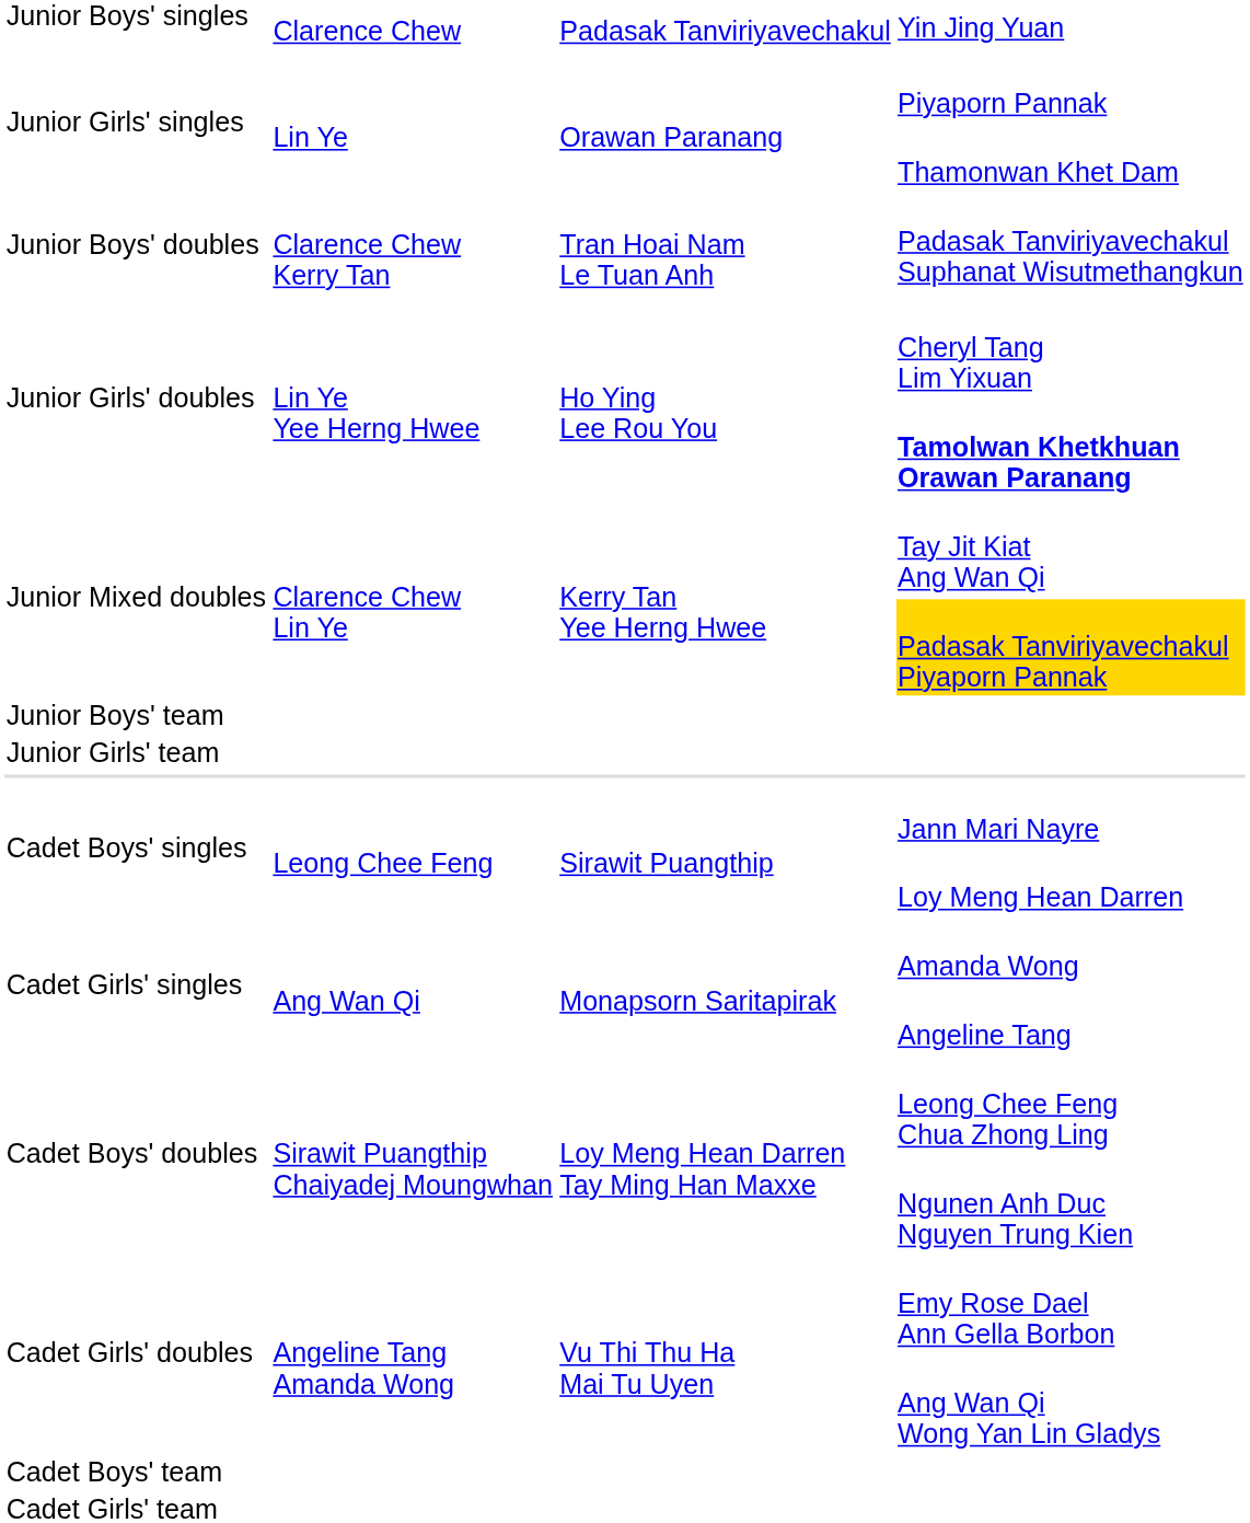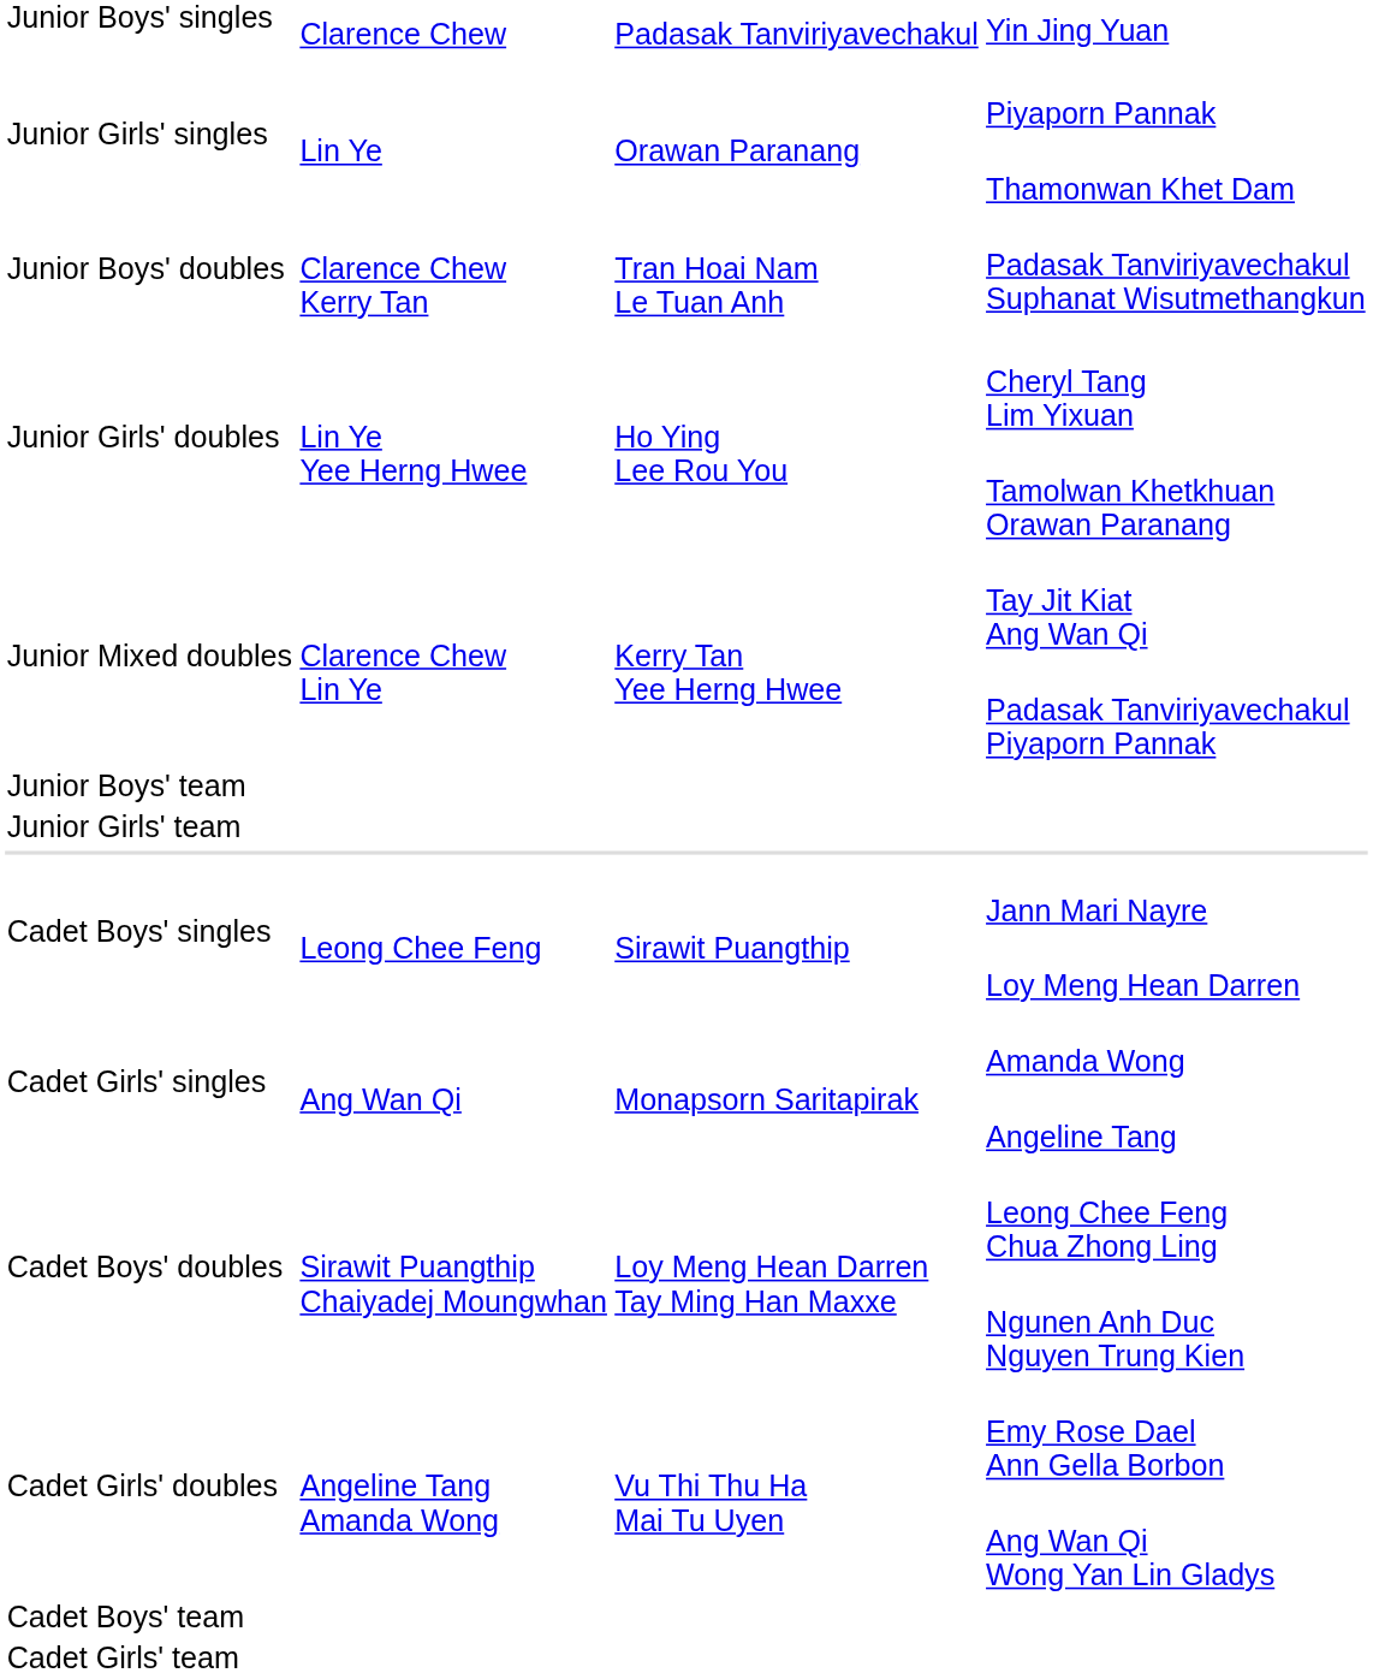 <table>
 <tr>
 <td rowspan=2>Junior Boys' singles</td>
 <td rowspan=2><br><a href='#'>Clarence Chew</a></td>
 <td rowspan=2><br><a href='#'>Padasak Tanviriyavechakul</a></td>
 <td><br><a href='#'>Yin Jing Yuan</a></td>
 </tr>
 <tr>
 <td></td>
 </tr>
 <tr>
 <td rowspan=2>Junior Girls' singles</td>
 <td rowspan=2><br><a href='#'>Lin Ye</a></td>
 <td rowspan=2><br><a href='#'>Orawan Paranang</a></td>
 <td><br><a href='#'>Piyaporn Pannak</a></td>
 </tr>
 <tr>
 <td><br><a href='#'>Thamonwan Khet Dam</a></td>
 </tr>
 <tr>
 <td rowspan=2>Junior Boys' doubles</td>
 <td rowspan=2><br><a href='#'>Clarence Chew</a><br><a href='#'>Kerry Tan</a></td>
 <td rowspan=2><br><a href='#'>Tran Hoai Nam</a><br><a href='#'>Le Tuan Anh</a></td>
 <td><br><a href='#'>Padasak Tanviriyavechakul</a><br><a href='#'>Suphanat Wisutmethangkun</a></td>
 </tr>
 <tr>
 <td></td>
 </tr>
 <tr>
 <td rowspan=2>Junior Girls' doubles</td>
 <td rowspan=2><br><a href='#'>Lin Ye</a><br><a href='#'>Yee Herng Hwee</a></td>
 <td rowspan=2><br><a href='#'>Ho Ying</a><br><a href='#'>Lee Rou You</a></td>
 <td><br><a href='#'>Cheryl Tang</a><br><a href='#'>Lim Yixuan</a></td>
 </tr>
 <tr>
-<td><strong><br><a href='#'>Tamolwan Khetkhuan</a><br><a href='#'>Orawan Paranang</a></strong></td>
+<td><br><a href='#'>Tamolwan Khetkhuan</a><br><a href='#'>Orawan Paranang</a></td>
 </tr>
 <tr>
 <td rowspan=2>Junior Mixed doubles</td>
 <td rowspan=2><br><a href='#'>Clarence Chew</a><br><a href='#'>Lin Ye</a></td>
 <td rowspan=2><br><a href='#'>Kerry Tan</a><br><a href='#'>Yee Herng Hwee</a></td>
 <td><br><a href='#'>Tay Jit Kiat</a><br><a href='#'>Ang Wan Qi</a></td>
 </tr>
 <tr>
-<td style="background: gold;"><br><a href='#'>Padasak Tanviriyavechakul</a><br><a href='#'>Piyaporn Pannak</a></td>
+<td><br><a href='#'>Padasak Tanviriyavechakul</a><br><a href='#'>Piyaporn Pannak</a></td>
 </tr>
 <tr>
 <td rowspan=2>Junior Boys' team</td>
 <td rowspan=2></td>
 <td rowspan=2></td>
 <td></td>
 </tr>
 <tr>
 <td></td>
 </tr>
 <tr>
 <td rowspan=2>Junior Girls' team</td>
 <td rowspan=2></td>
 <td rowspan=2></td>
 <td></td>
 </tr>
 <tr>
 <td></td>
 </tr>
 <tr style="background:#dddddd;">
 <td colspan=7></td>
 </tr>
 <tr>
 <td rowspan=2>Cadet Boys' singles</td>
 <td rowspan=2><br><a href='#'>Leong Chee Feng</a></td>
 <td rowspan=2><br><a href='#'>Sirawit Puangthip</a></td>
 <td><br><a href='#'>Jann Mari Nayre</a></td>
 </tr>
 <tr>
 <td><br><a href='#'>Loy Meng Hean Darren</a></td>
 </tr>
 <tr>
 <td rowspan=2>Cadet Girls' singles</td>
 <td rowspan=2><br><a href='#'>Ang Wan Qi</a></td>
 <td rowspan=2><br><a href='#'>Monapsorn Saritapirak</a></td>
 <td><br><a href='#'>Amanda Wong</a></td>
 </tr>
 <tr>
 <td><br><a href='#'>Angeline Tang</a></td>
 </tr>
 <tr>
 <td rowspan=2>Cadet Boys' doubles</td>
 <td rowspan=2><br><a href='#'>Sirawit Puangthip</a><br><a href='#'>Chaiyadej Moungwhan</a></td>
 <td rowspan=2><br><a href='#'>Loy Meng Hean Darren</a><br><a href='#'>Tay Ming Han Maxxe</a></td>
 <td><br><a href='#'>Leong Chee Feng</a><br><a href='#'>Chua Zhong Ling</a></td>
 </tr>
 <tr>
 <td><br><a href='#'>Ngunen Anh Duc</a><br><a href='#'>Nguyen Trung Kien</a></td>
 </tr>
 <tr>
 <td rowspan=2>Cadet Girls' doubles</td>
 <td rowspan=2><br><a href='#'>Angeline Tang</a><br><a href='#'>Amanda Wong</a></td>
 <td rowspan=2><br><a href='#'>Vu Thi Thu Ha</a><br><a href='#'>Mai Tu Uyen</a></td>
 <td><br><a href='#'>Emy Rose Dael</a><br><a href='#'>Ann Gella Borbon</a></td>
 </tr>
 <tr>
 <td><br><a href='#'>Ang Wan Qi</a><br><a href='#'>Wong Yan Lin Gladys</a></td>
 </tr>
 <tr>
 <td rowspan=2>Cadet Boys' team</td>
 <td rowspan=2></td>
 <td rowspan=2></td>
 <td></td>
 </tr>
 <tr>
 <td></td>
 </tr>
 <tr>
 <td rowspan=2>Cadet Girls' team</td>
 <td rowspan=2></td>
 <td rowspan=2></td>
 <td></td>
 </tr>
 <tr>
 <td></td>
 </tr>
 </table>
